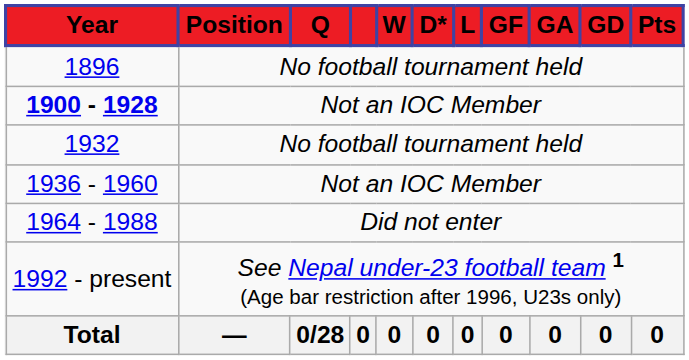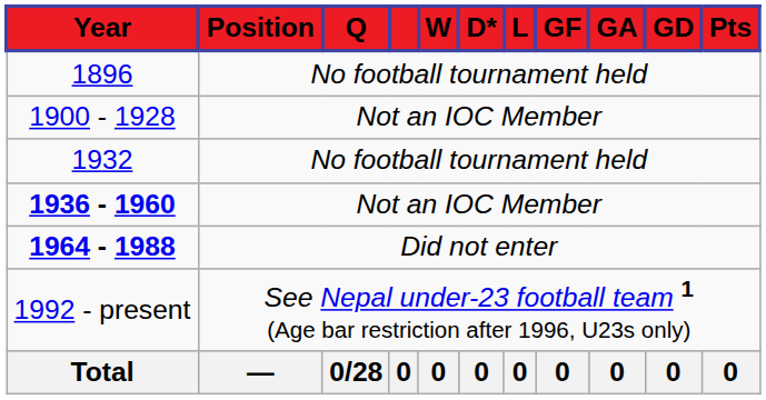 <table Class = "wikitable" style = "text-align: center; width:50%;">
 <tr>
 <th style="background:#ED1C24;border: 2px solid #3F43A4;"><span>Year</span></th>
 <th style="background:#ED1C24;border: 2px solid #3F43A4;"><span>Position</span></th>
 <th style="background:#ED1C24;border: 2px solid #3F43A4;"><span>Q</span></th>
 <th style="background:#ED1C24;border: 2px solid #3F43A4;"><span></span></th>
 <th style="background:#ED1C24;border: 2px solid #3F43A4;"><span>W</span></th>
 <th style="background:#ED1C24;border: 2px solid #3F43A4;"><span>D*</span></th>
 <th style="background:#ED1C24;border: 2px solid #3F43A4;"><span>L</span></th>
 <th style="background:#ED1C24;border: 2px solid #3F43A4;"><span>GF</span></th>
 <th style="background:#ED1C24;border: 2px solid #3F43A4;"><span>GA</span></th>
 <th style="background:#ED1C24;border: 2px solid #3F43A4;"><span>GD</span></th>
 <th style="background:#ED1C24;border: 2px solid #3F43A4;"><span>Pts</span></th>
 </tr>
 <tr>
 <td> <a href='#'>1896</a></td>
 <td colspan="10"><em>No football tournament held</em></td>
 </tr>
 <tr>
-<td><strong> <a href='#'>1900</a> -  <a href='#'>1928</a></strong></td>
+<td> <a href='#'>1900</a> -  <a href='#'>1928</a></td>
 <td colspan="10"><em>Not an IOC Member</em></td>
 </tr>
 <tr>
 <td> <a href='#'>1932</a></td>
 <td colspan="10"><em>No football tournament held</em></td>
 </tr>
 <tr>
-<td> <a href='#'>1936</a> -  <a href='#'>1960</a></td>
+<td><strong> <a href='#'>1936</a> -  <a href='#'>1960</a></strong></td>
 <td colspan="10"><em>Not an IOC Member</em></td>
 </tr>
 <tr>
-<td> <a href='#'>1964</a> -  <a href='#'>1988</a></td>
+<td><strong> <a href='#'>1964</a> -  <a href='#'>1988</a></strong></td>
 <td colspan="10"><em>Did not enter</em></td>
 </tr>
 <tr>
 <td> <a href='#'>1992</a> - present</td>
 <td colspan="11"><em>See <a href='#'>Nepal under-23 football team</a></em> <strong><sup>1</sup></strong> <br><small>(Age bar restriction after 1996, U23s only)</small></td>
 </tr>
 <tr>
 <th><strong>Total</strong></th>
 <th>—</th>
 <th>0/28</th>
 <th>0</th>
 <th>0</th>
 <th>0</th>
 <th>0</th>
 <th>0</th>
 <th>0</th>
 <th>0</th>
 <th>0</th>
 </tr>
 </table>
